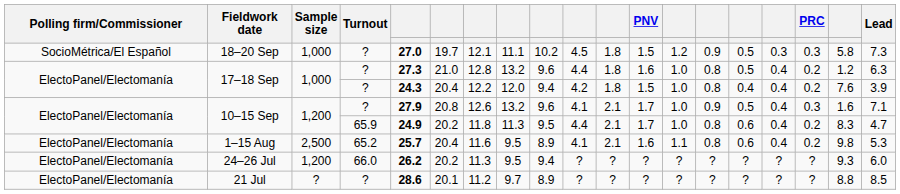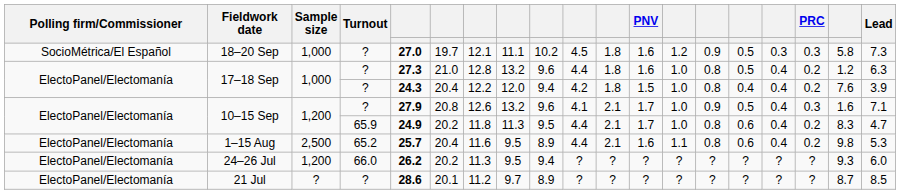 <table class="wikitable collapsible collapsed" style="text-align:center; font-size:95%; line-height:16px;">
 <tr style="height:42px;">
 <th style="width:250px;" rowspan="2">Polling firm/Commissioner</th>
 <th style="width:100px;" rowspan="2">Fieldwork date</th>
 <th style="width:50px;" rowspan="2">Sample size</th>
 <th style="width:50px;" rowspan="2">Turnout</th>
 <th style="width:43px;"></th>
 <th style="width:35px;"></th>
 <th style="width:35px;"></th>
 <th style="width:35px;"></th>
 <th style="width:35px;"></th>
 <th style="width:35px;"></th>
 <th style="width:35px;"></th>
 <th style="width:35px;"><a href='#'>PNV</a></th>
 <th style="width:35px;"></th>
 <th style="width:35px;"></th>
 <th style="width:35px;"></th>
 <th style="width:35px;"></th>
 <th style="width:35px;"><a href='#'>PRC</a></th>
 <th style="width:35px;"></th>
 <th style="width:30px;" rowspan="2">Lead</th>
 </tr>
 <tr>
 <th style="color:inherit;background:"></th>
 <th style="color:inherit;background:"></th>
 <th style="color:inherit;background:"></th>
 <th style="color:inherit;background:"></th>
 <th style="color:inherit;background:"></th>
 <th style="color:inherit;background:"></th>
 <th style="color:inherit;background:"></th>
 <th style="color:inherit;background:"></th>
 <th style="color:inherit;background:"></th>
 <th style="color:inherit;background:"></th>
 <th style="color:inherit;background:"></th>
 <th style="color:inherit;background:"></th>
 <th style="color:inherit;background:"></th>
 <th style="color:inherit;background:"></th>
 </tr>
 <tr>
 <td>SocioMétrica/El Español</td>
 <td>18–20 Sep</td>
 <td>1,000</td>
 <td>?</td>
 <td><strong>27.0</strong><br></td>
 <td>19.7<br></td>
 <td>12.1<br></td>
 <td>11.1<br></td>
 <td>10.2<br></td>
 <td>4.5<br></td>
 <td>1.8<br></td>
-<td>1.5<br></td>
+<td>1.6<br></td>
 <td>1.2<br></td>
 <td>0.9<br></td>
 <td>0.5<br></td>
 <td>0.3<br></td>
 <td>0.3<br></td>
 <td>5.8<br></td>
 <td style="background:">7.3</td>
 </tr>
 <tr>
 <td rowspan="2">ElectoPanel/Electomanía</td>
 <td rowspan="2">17–18 Sep</td>
 <td rowspan="2">1,000</td>
 <td>?</td>
 <td><strong>27.3</strong><br></td>
 <td>21.0<br></td>
 <td>12.8<br></td>
 <td>13.2<br></td>
 <td>9.6<br></td>
 <td>4.4<br></td>
 <td>1.8<br></td>
 <td>1.6<br></td>
 <td>1.0<br></td>
 <td>0.8<br></td>
 <td>0.5<br></td>
 <td>0.4<br></td>
 <td>0.2<br></td>
 <td>1.2<br></td>
 <td style="background:">6.3</td>
 </tr>
 <tr>
 <td>?</td>
 <td><strong>24.3</strong><br></td>
 <td>20.4<br></td>
 <td>12.2<br></td>
 <td>12.0<br></td>
 <td>9.4<br></td>
 <td>4.2<br></td>
 <td>1.8<br></td>
 <td>1.5<br></td>
 <td>1.0<br></td>
 <td>0.8<br></td>
 <td>0.4<br></td>
 <td>0.4<br></td>
 <td>0.2<br></td>
 <td>7.6<br></td>
 <td style="background:">3.9</td>
 </tr>
 <tr>
 <td rowspan="2">ElectoPanel/Electomanía</td>
 <td rowspan="2">10–15 Sep</td>
 <td rowspan="2">1,200</td>
 <td>?</td>
 <td><strong>27.9</strong><br></td>
 <td>20.8<br></td>
 <td>12.6<br></td>
 <td>13.2<br></td>
 <td>9.6<br></td>
 <td>4.1<br></td>
 <td>2.1<br></td>
 <td>1.7<br></td>
 <td>1.0<br></td>
 <td>0.9<br></td>
 <td>0.5<br></td>
 <td>0.4<br></td>
 <td>0.3<br></td>
 <td>1.6<br></td>
 <td style="background:">7.1</td>
 </tr>
 <tr>
 <td>65.9</td>
 <td><strong>24.9</strong><br></td>
 <td>20.2<br></td>
 <td>11.8<br></td>
 <td>11.3<br></td>
 <td>9.5<br></td>
 <td>4.4<br></td>
 <td>2.1<br></td>
 <td>1.7<br></td>
 <td>1.0<br></td>
 <td>0.8<br></td>
 <td>0.6<br></td>
 <td>0.4<br></td>
 <td>0.2<br></td>
 <td>8.3<br></td>
 <td style="background:">4.7</td>
 </tr>
 <tr>
 <td>ElectoPanel/Electomanía</td>
 <td>1–15 Aug</td>
 <td>2,500</td>
 <td>65.2</td>
 <td><strong>25.7</strong><br></td>
 <td>20.4<br></td>
 <td>11.6<br></td>
 <td>9.5<br></td>
 <td>8.9<br></td>
-<td>4.1<br></td>
+<td>4.4<br></td>
 <td>2.1<br></td>
 <td>1.6<br></td>
 <td>1.1<br></td>
 <td>0.8<br></td>
 <td>0.6<br></td>
 <td>0.4<br></td>
 <td>0.2<br></td>
 <td>9.8<br></td>
 <td style="background:">5.3</td>
 </tr>
 <tr>
 <td>ElectoPanel/Electomanía</td>
 <td>24–26 Jul</td>
 <td>1,200</td>
 <td>66.0</td>
 <td><strong>26.2</strong><br></td>
 <td>20.2<br></td>
 <td>11.3<br></td>
 <td>9.5<br></td>
 <td>9.4<br></td>
 <td>?<br></td>
 <td>?<br></td>
 <td>?<br></td>
 <td>?<br></td>
 <td>?<br></td>
 <td>?<br></td>
 <td>?<br></td>
 <td>?<br></td>
 <td>9.3<br></td>
 <td style="background:">6.0</td>
 </tr>
 <tr>
 <td>ElectoPanel/Electomanía</td>
 <td>21 Jul</td>
 <td>?</td>
 <td>?</td>
 <td><strong>28.6</strong><br></td>
 <td>20.1<br></td>
 <td>11.2<br></td>
 <td>9.7<br></td>
 <td>8.9<br></td>
 <td>?<br></td>
 <td>?<br></td>
 <td>?<br></td>
 <td>?<br></td>
 <td>?<br></td>
 <td>?<br></td>
 <td>?<br></td>
 <td>?<br></td>
-<td>8.8<br></td>
+<td>8.7<br></td>
 <td style="background:">8.5</td>
 </tr>
 </table>
